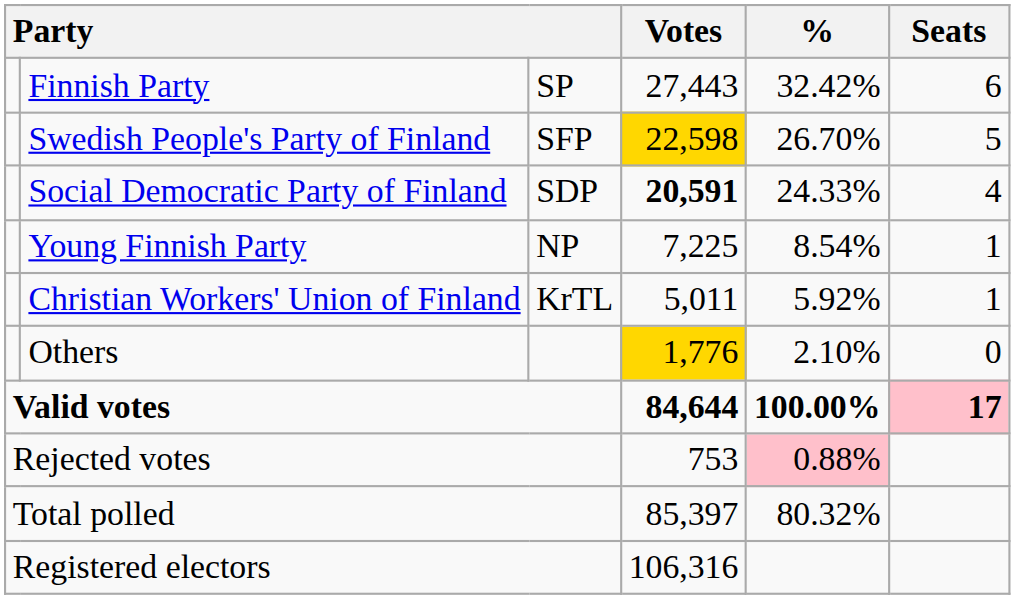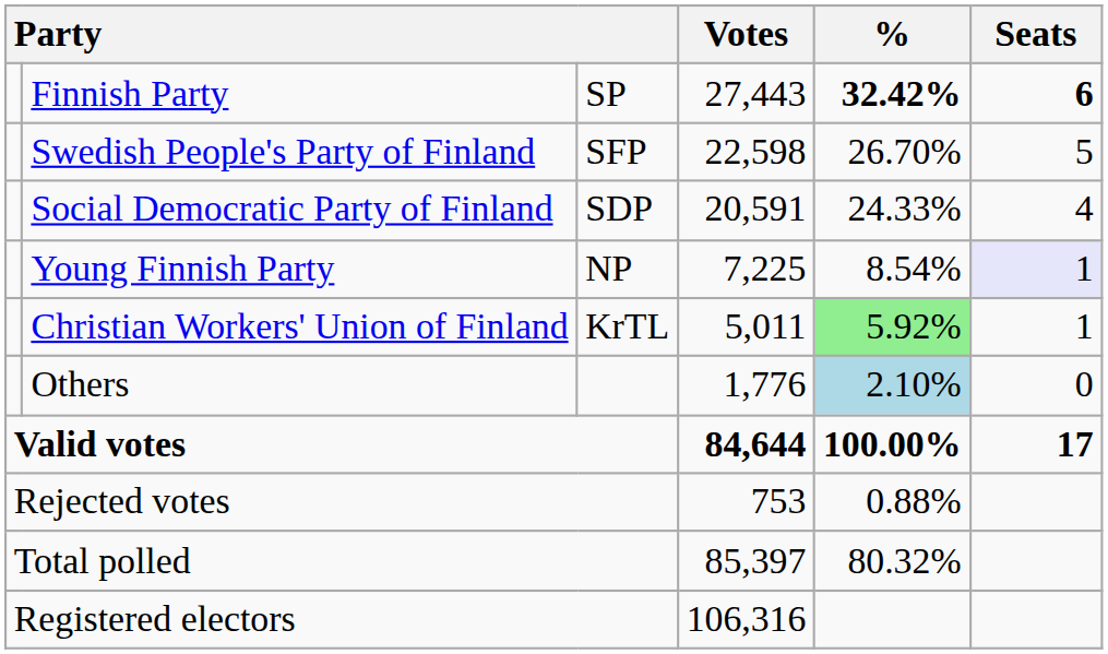 <table class="wikitable" border="1" style="text-align:right;">
 <tr>
 <th style="text-align:left;" colspan=3>Party</th>
 <th align=center width="50">Votes</th>
 <th align=center width="50">%</th>
 <th align=center width="50">Seats</th>
 </tr>
 <tr>
 <td></td>
 <td align=left><a href='#'>Finnish Party</a></td>
 <td align=left>SP</td>
 <td>27,443</td>
-<td>32.42%</td>
-<td>6</td>
+<td><strong>32.42%</strong></td>
+<td><strong>6</strong></td>
 </tr>
 <tr>
 <td></td>
 <td align=left><a href='#'>Swedish People's Party of Finland</a></td>
 <td align=left>SFP</td>
-<td style="background: gold;">22,598</td>
+<td>22,598</td>
 <td>26.70%</td>
 <td>5</td>
 </tr>
 <tr>
 <td></td>
 <td align=left style="white-space: nowrap;"><a href='#'>Social Democratic Party of Finland</a></td>
 <td align=left>SDP</td>
-<td><strong>20,591</strong></td>
+<td>20,591</td>
 <td>24.33%</td>
 <td>4</td>
 </tr>
 <tr>
 <td></td>
 <td align=left><a href='#'>Young Finnish Party</a></td>
 <td align=left>NP</td>
 <td>7,225</td>
 <td>8.54%</td>
-<td>1</td>
+<td style="background: lavender;">1</td>
 </tr>
 <tr>
 <td></td>
 <td align=left><a href='#'>Christian Workers' Union of Finland</a></td>
 <td align=left>KrTL</td>
 <td>5,011</td>
-<td>5.92%</td>
+<td style="background: lightgreen;">5.92%</td>
 <td>1</td>
 </tr>
 <tr>
 <td></td>
 <td align=left>Others</td>
 <td align=left></td>
-<td style="background: gold;">1,776</td>
-<td>2.10%</td>
+<td>1,776</td>
+<td style="background: lightblue;">2.10%</td>
 <td>0</td>
 </tr>
 <tr style="font-weight:bold">
 <td align=left colspan=3>Valid votes</td>
 <td>84,644</td>
 <td>100.00%</td>
-<td style="background: pink;">17</td>
+<td>17</td>
 </tr>
 <tr>
 <td align=left colspan=3>Rejected votes</td>
 <td>753</td>
-<td style="background: pink;">0.88%</td>
+<td>0.88%</td>
 <td></td>
 </tr>
 <tr>
 <td align=left colspan=3>Total polled</td>
 <td>85,397</td>
 <td>80.32%</td>
 <td></td>
 </tr>
 <tr>
 <td align=left colspan=3>Registered electors</td>
 <td>106,316</td>
 <td></td>
 <td></td>
 </tr>
 </table>
